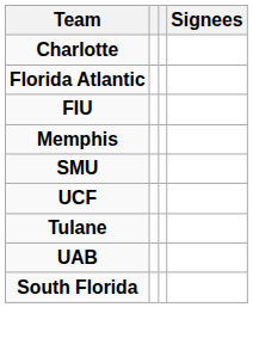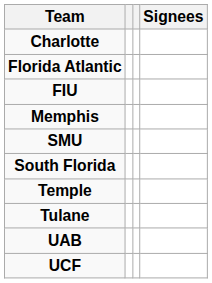 <table class="wikitable">
 <tr>
 <th>Team</th>
 <th></th>
 <th></th>
 <th>Signees</th>
 </tr>
 <tr style="text-align:center;">
 <td><strong>Charlotte</strong></td>
 <td style="text-align:center; background:white"></td>
 <td style="text-align:center; background:white"></td>
 <td style="text-align:center; background:white"></td>
 </tr>
 <tr style="text-align:center;">
 <td><strong>Florida Atlantic</strong></td>
 <td style="text-align:center; background:white"></td>
 <td style="text-align:center; background:white"></td>
 <td style="text-align:center; background:white"></td>
 </tr>
 <tr style="text-align:center;">
 <td><strong>FIU</strong></td>
 <td style="text-align:center; background:white"></td>
 <td style="text-align:center; background:white"></td>
 <td style="text-align:center; background:white"></td>
 </tr>
 <tr style="text-align:center;">
 <td><strong>Memphis</strong></td>
 <td style="text-align:center; background:white"></td>
 <td style="text-align:center; background:white"></td>
 <td style="text-align:center; background:white"></td>
 </tr>
 <tr style="text-align:center;">
 <td><strong>SMU</strong></td>
 <td style="text-align:center; background:white"></td>
 <td style="text-align:center; background:white"></td>
 <td style="text-align:center; background:white"></td>
 </tr>
 <tr style="text-align:center;">
-<td><strong>UCF</strong></td>
+<td><strong>South Florida</strong></td>
+<td style="text-align:center; background:white"></td>
+<td style="text-align:center; background:white"></td>
+<td style="text-align:center; background:white"></td>
+</tr>
+<tr style="text-align:center;">
+<td><strong>Temple</strong></td>
 <td style="text-align:center; background:white"></td>
 <td style="text-align:center; background:white"></td>
 <td style="text-align:center; background:white"></td>
 </tr>
 <tr style="text-align:center;">
 <td><strong>Tulane</strong></td>
 <td style="text-align:center; background:white"></td>
 <td style="text-align:center; background:white"></td>
 <td style="text-align:center; background:white"></td>
 </tr>
 <tr style="text-align:center;">
 <td><strong>UAB</strong></td>
 <td style="text-align:center; background:white"></td>
 <td style="text-align:center; background:white"></td>
 <td style="text-align:center; background:white"></td>
 </tr>
 <tr style="text-align:center;">
-<td><strong>South Florida</strong></td>
+<td><strong>UCF</strong></td>
 <td style="text-align:center; background:white"></td>
 <td style="text-align:center; background:white"></td>
 <td style="text-align:center; background:white"></td>
 </tr>
 </table>
